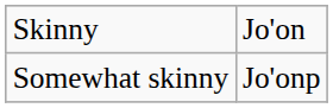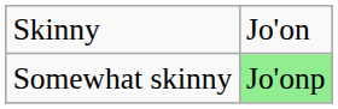 <table class="wikitable">
 <tr>
 <td>Skinny</td>
 <td>Jo'on</td>
 </tr>
 <tr>
 <td>Somewhat skinny</td>
-<td>Jo'onp</td>
+<td style="background: lightgreen;">Jo'onp</td>
 </tr>
 </table>
